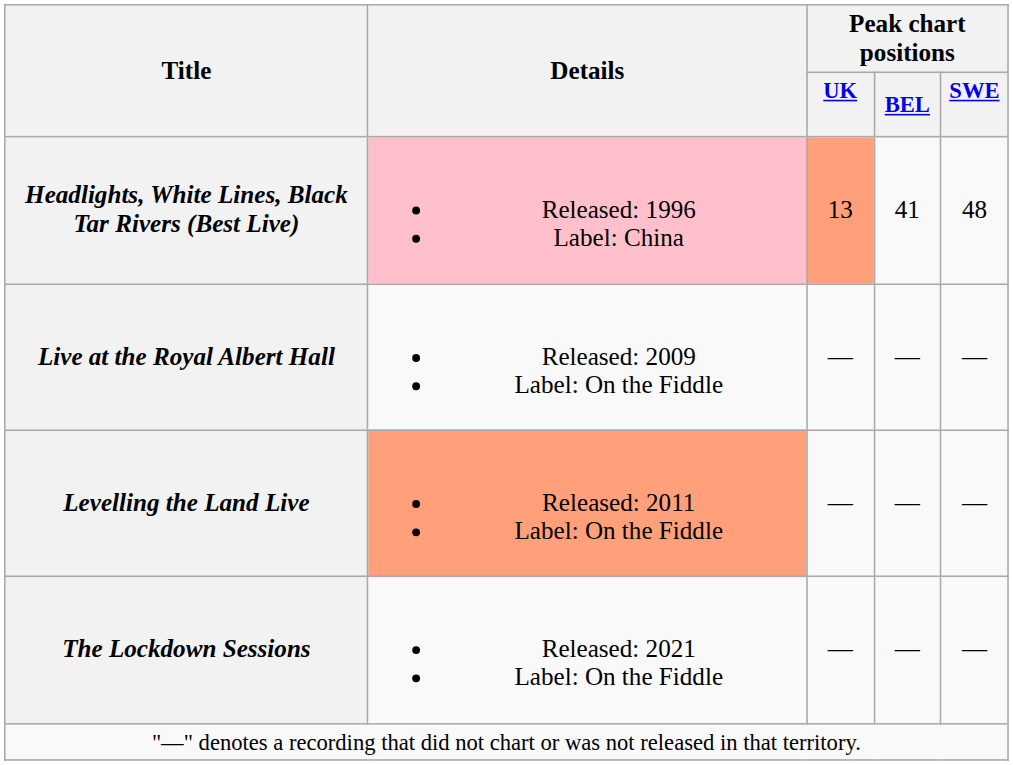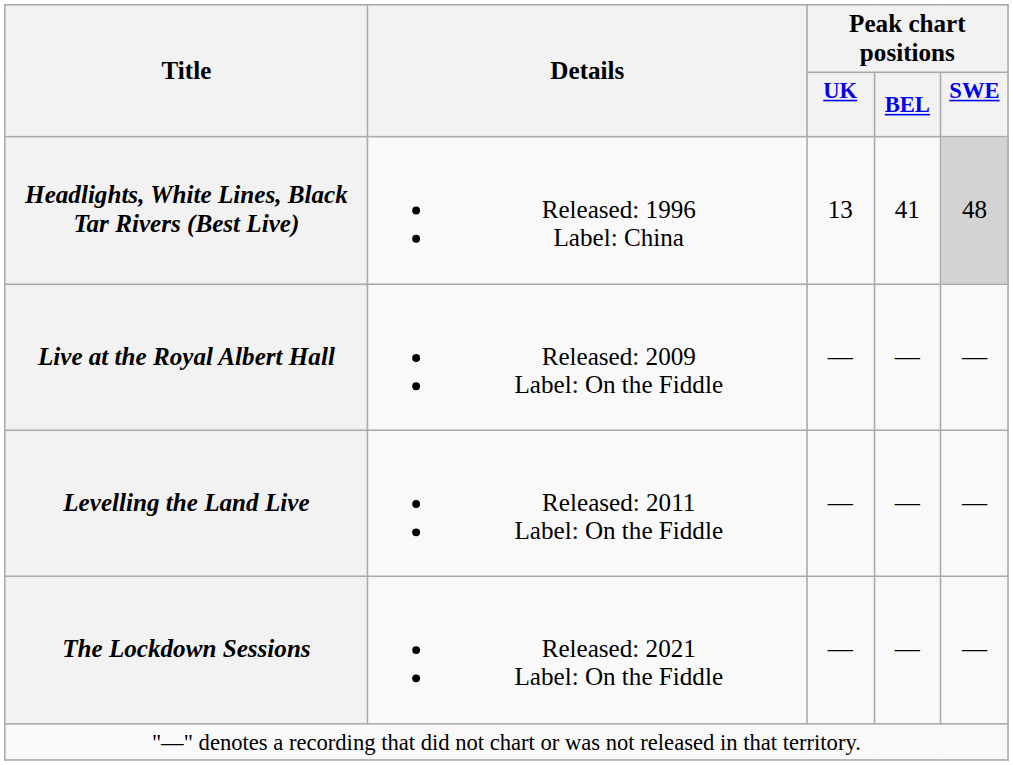 <table class="wikitable plainrowheaders" style="text-align:center;">
 <tr>
 <th scope="col" rowspan="2" style="width:14em;">Title</th>
 <th scope="col" rowspan="2" style="width:17em;">Details</th>
 <th scope="col" colspan="3">Peak chart positions</th>
 </tr>
 <tr>
 <th scope="col" style="width:2.5em;font-size:90%;"><a href='#'>UK</a><br><br></th>
 <th scope="col" style="width:2.5em;font-size:90%;"><a href='#'>BEL</a><br></th>
 <th scope="col" style="width:2.5em;font-size:90%;"><a href='#'>SWE</a><br><br></th>
 </tr>
 <tr>
 <th scope="row"><em>Headlights, White Lines, Black Tar Rivers (Best Live)</em></th>
-<td style="background: pink;"><br><ul><li>Released: 1996</li><li>Label: China</li></ul></td>
-<td style="background: lightsalmon;">13</td>
+<td><br><ul><li>Released: 1996</li><li>Label: China</li></ul></td>
+<td>13</td>
 <td>41</td>
-<td>48</td>
+<td style="background: lightgrey;">48</td>
 </tr>
 <tr>
 <th scope="row"><em>Live at the Royal Albert Hall</em></th>
 <td><br><ul><li>Released: 2009</li><li>Label: On the Fiddle</li></ul></td>
 <td>—</td>
 <td>—</td>
 <td>—</td>
 </tr>
 <tr>
 <th scope="row"><em>Levelling the Land Live</em></th>
-<td style="background: lightsalmon;"><br><ul><li>Released: 2011</li><li>Label: On the Fiddle</li></ul></td>
+<td><br><ul><li>Released: 2011</li><li>Label: On the Fiddle</li></ul></td>
 <td>—</td>
 <td>—</td>
 <td>—</td>
 </tr>
 <tr>
 <th scope="row"><em>The Lockdown Sessions</em></th>
 <td><br><ul><li>Released: 2021</li><li>Label: On the Fiddle</li></ul></td>
 <td>—</td>
 <td>—</td>
 <td>—</td>
 </tr>
 <tr>
 <td colspan="14" style="font-size:90%">"—" denotes a recording that did not chart or was not released in that territory.</td>
 </tr>
 </table>
